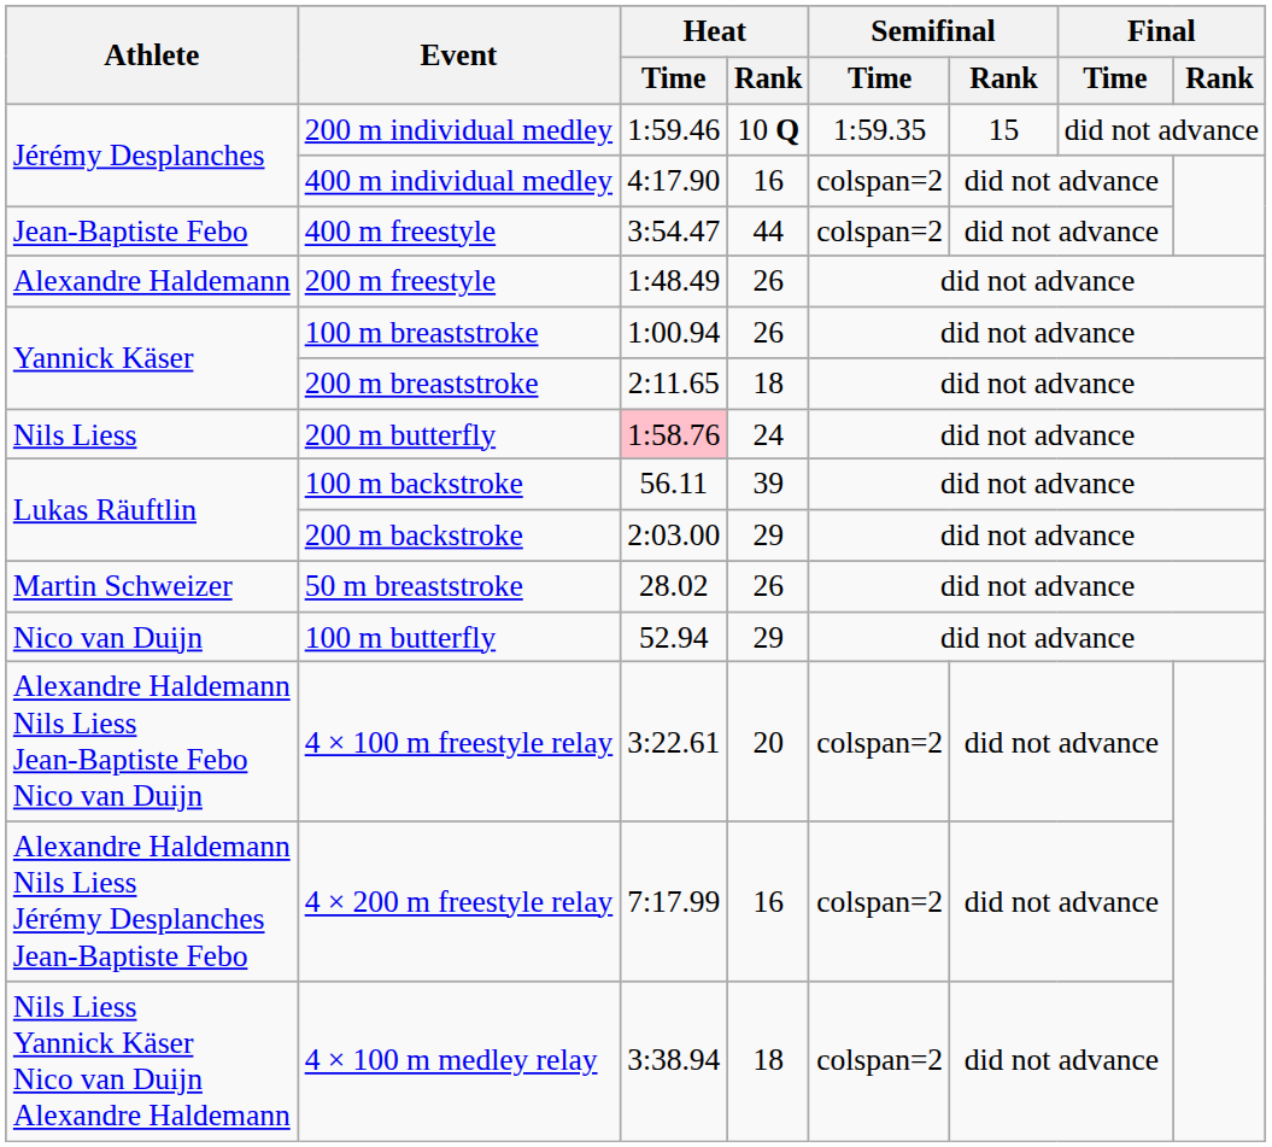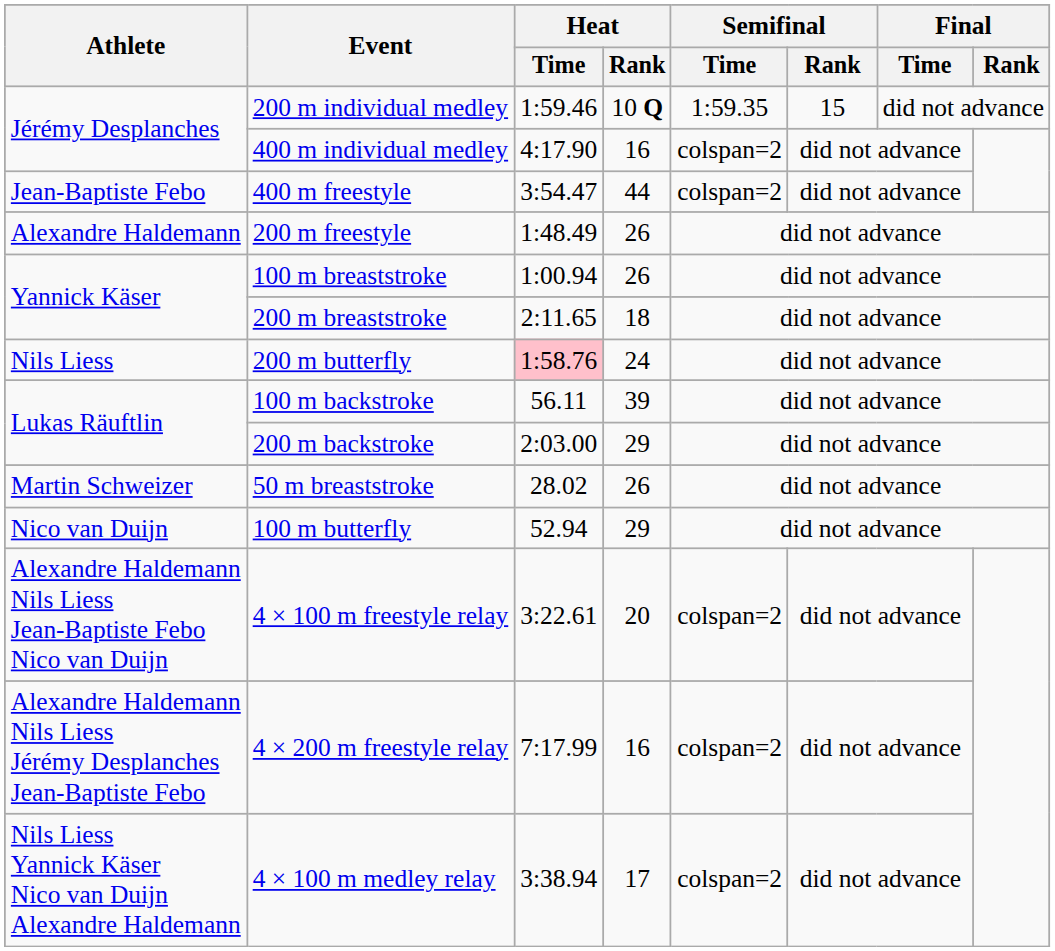 <table class=wikitable style="font-size:90%">
 <tr>
 <th rowspan="2">Athlete</th>
 <th rowspan="2">Event</th>
 <th colspan="2">Heat</th>
 <th colspan="2">Semifinal</th>
 <th colspan="2">Final</th>
 </tr>
 <tr style="font-size:95%">
 <th>Time</th>
 <th>Rank</th>
 <th>Time</th>
 <th>Rank</th>
 <th>Time</th>
 <th>Rank</th>
 </tr>
 <tr align=center>
 <td align=left rowspan=2><a href='#'>Jérémy Desplanches</a></td>
 <td align=left><a href='#'>200 m individual medley</a></td>
 <td>1:59.46</td>
 <td>10 <strong>Q</strong></td>
 <td>1:59.35</td>
 <td>15</td>
 <td colspan=2>did not advance</td>
 </tr>
 <tr align=center>
 <td align=left><a href='#'>400 m individual medley</a></td>
 <td>4:17.90</td>
 <td>16</td>
 <td>colspan=2 </td>
 <td colspan=2>did not advance</td>
 </tr>
 <tr align=center>
 <td align=left><a href='#'>Jean-Baptiste Febo</a></td>
 <td align=left><a href='#'>400 m freestyle</a></td>
 <td>3:54.47</td>
 <td>44</td>
 <td>colspan=2 </td>
 <td colspan=2>did not advance</td>
 </tr>
 <tr align=center>
 <td align=left><a href='#'>Alexandre Haldemann</a></td>
 <td align=left><a href='#'>200 m freestyle</a></td>
 <td>1:48.49</td>
 <td>26</td>
 <td colspan=4>did not advance</td>
 </tr>
 <tr align=center>
 <td align=left rowspan=2><a href='#'>Yannick Käser</a></td>
 <td align=left><a href='#'>100 m breaststroke</a></td>
 <td>1:00.94</td>
 <td>26</td>
 <td colspan=4>did not advance</td>
 </tr>
 <tr align=center>
 <td align=left><a href='#'>200 m breaststroke</a></td>
 <td>2:11.65</td>
 <td>18</td>
 <td colspan=4>did not advance</td>
 </tr>
 <tr align=center>
 <td align=left><a href='#'>Nils Liess</a></td>
 <td align=left><a href='#'>200 m butterfly</a></td>
 <td style="background: pink;">1:58.76</td>
 <td>24</td>
 <td colspan=4>did not advance</td>
 </tr>
 <tr align=center>
 <td align=left rowspan=2><a href='#'>Lukas Räuftlin</a></td>
 <td align=left><a href='#'>100 m backstroke</a></td>
 <td>56.11</td>
 <td>39</td>
 <td colspan=4>did not advance</td>
 </tr>
 <tr align=center>
 <td align=left><a href='#'>200 m backstroke</a></td>
 <td>2:03.00</td>
 <td>29</td>
 <td colspan=4>did not advance</td>
 </tr>
 <tr align=center>
 <td align=left><a href='#'>Martin Schweizer</a></td>
 <td align=left><a href='#'>50 m breaststroke</a></td>
 <td>28.02</td>
 <td>26</td>
 <td colspan=4>did not advance</td>
 </tr>
 <tr align=center>
 <td align=left><a href='#'>Nico van Duijn</a></td>
 <td align=left><a href='#'>100 m butterfly</a></td>
 <td>52.94</td>
 <td>29</td>
 <td colspan=4>did not advance</td>
 </tr>
 <tr align=center>
 <td align=left><a href='#'>Alexandre Haldemann</a><br><a href='#'>Nils Liess</a><br><a href='#'>Jean-Baptiste Febo</a><br><a href='#'>Nico van Duijn</a></td>
 <td align=left><a href='#'>4 × 100 m freestyle relay</a></td>
 <td>3:22.61</td>
 <td>20</td>
 <td>colspan=2 </td>
 <td colspan=2>did not advance</td>
 </tr>
 <tr align=center>
 <td align=left><a href='#'>Alexandre Haldemann</a><br><a href='#'>Nils Liess</a><br><a href='#'>Jérémy Desplanches</a><br><a href='#'>Jean-Baptiste Febo</a></td>
 <td align=left><a href='#'>4 × 200 m freestyle relay</a></td>
 <td>7:17.99</td>
 <td>16</td>
 <td>colspan=2 </td>
 <td colspan=2>did not advance</td>
 </tr>
 <tr align=center>
 <td align=left><a href='#'>Nils Liess</a><br><a href='#'>Yannick Käser</a><br><a href='#'>Nico van Duijn</a><br><a href='#'>Alexandre Haldemann</a></td>
 <td align=left><a href='#'>4 × 100 m medley relay</a></td>
 <td>3:38.94</td>
-<td>18</td>
+<td>17</td>
 <td>colspan=2 </td>
 <td colspan=2>did not advance</td>
 </tr>
 </table>
